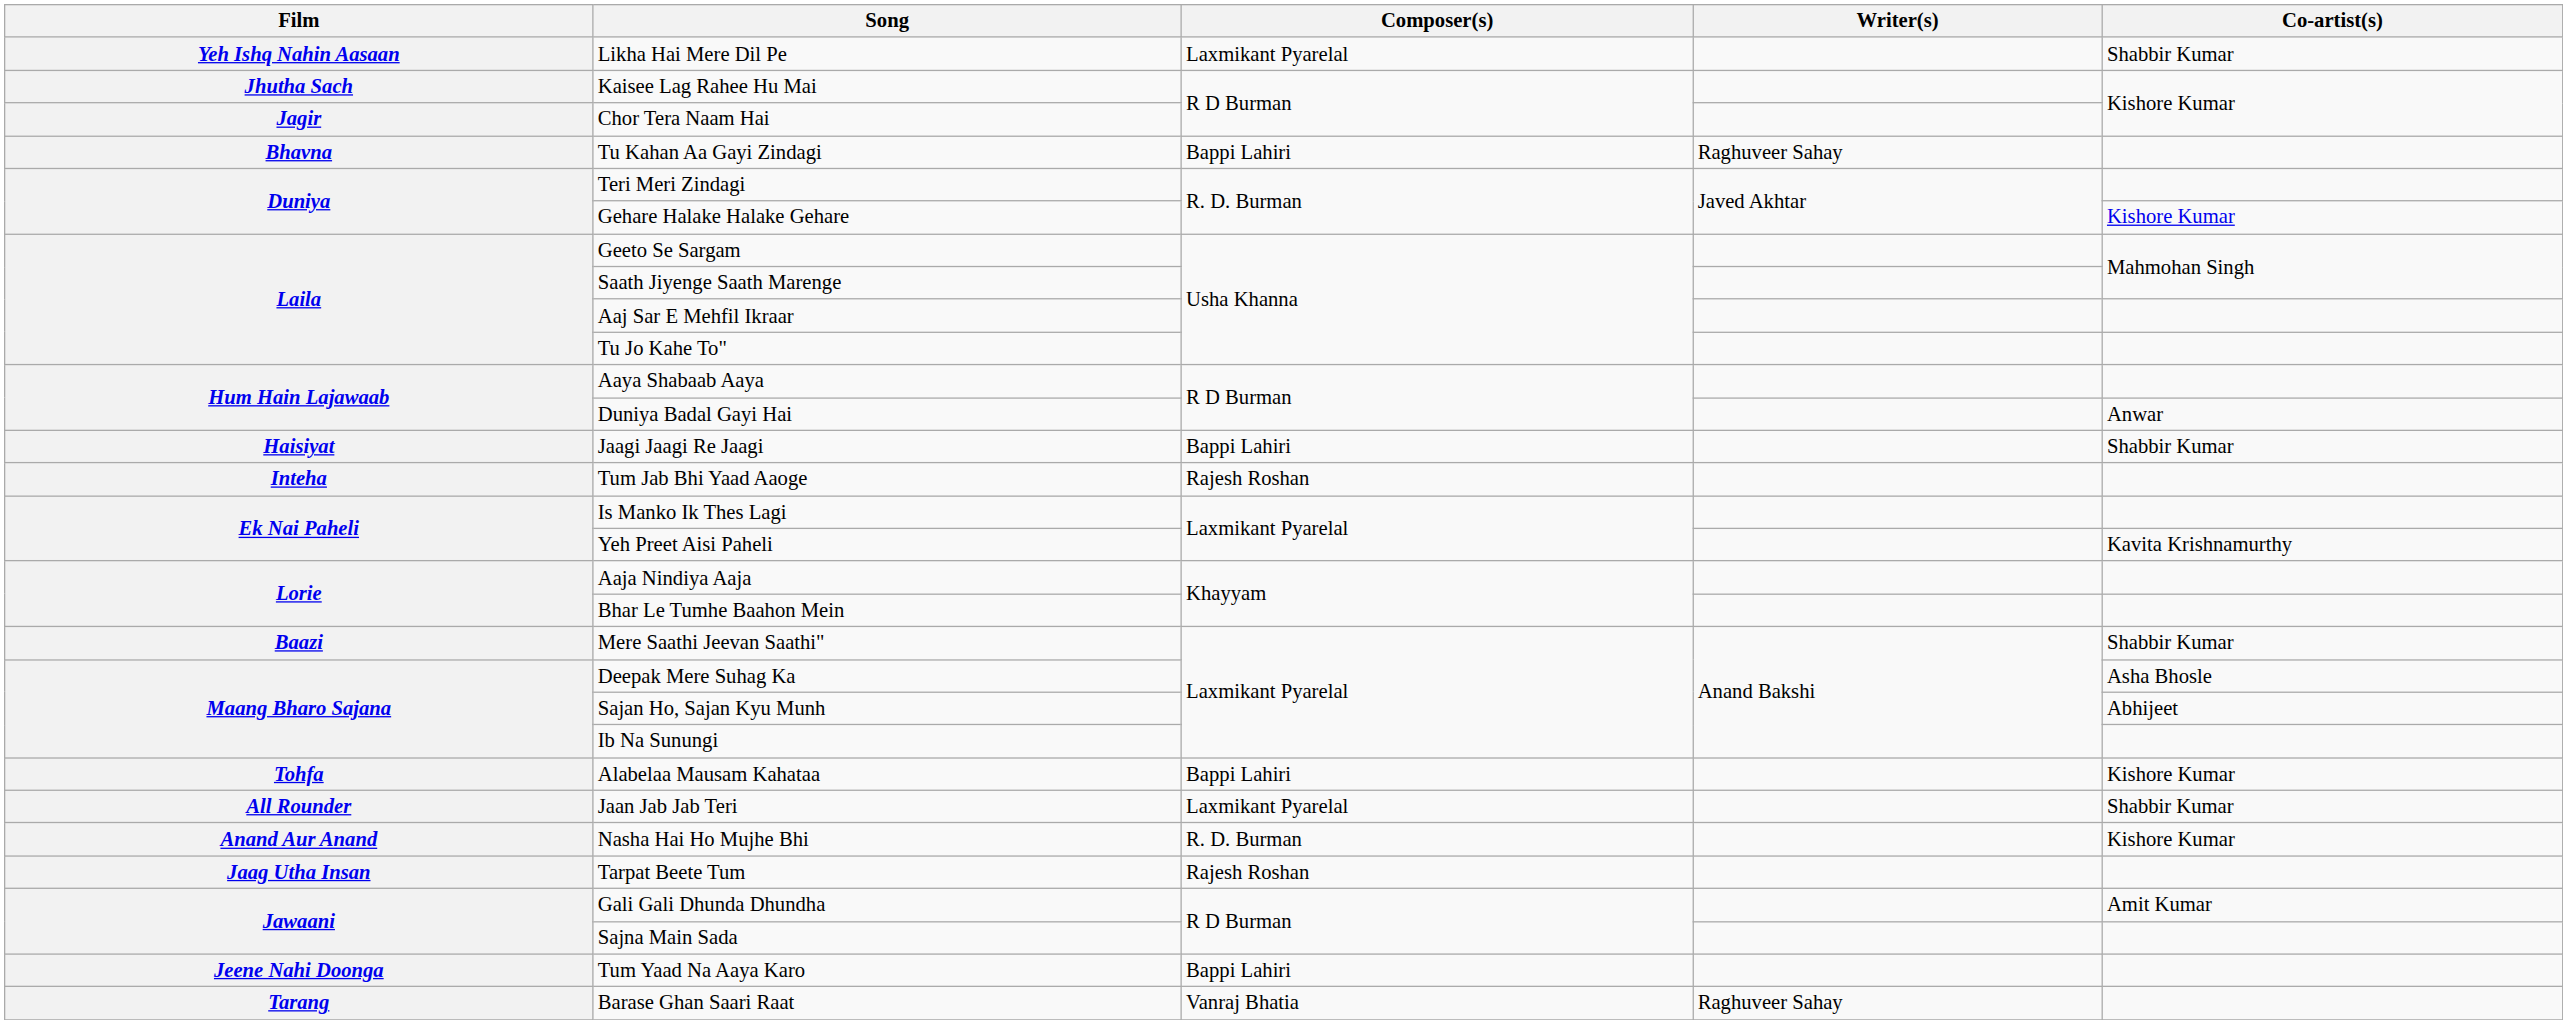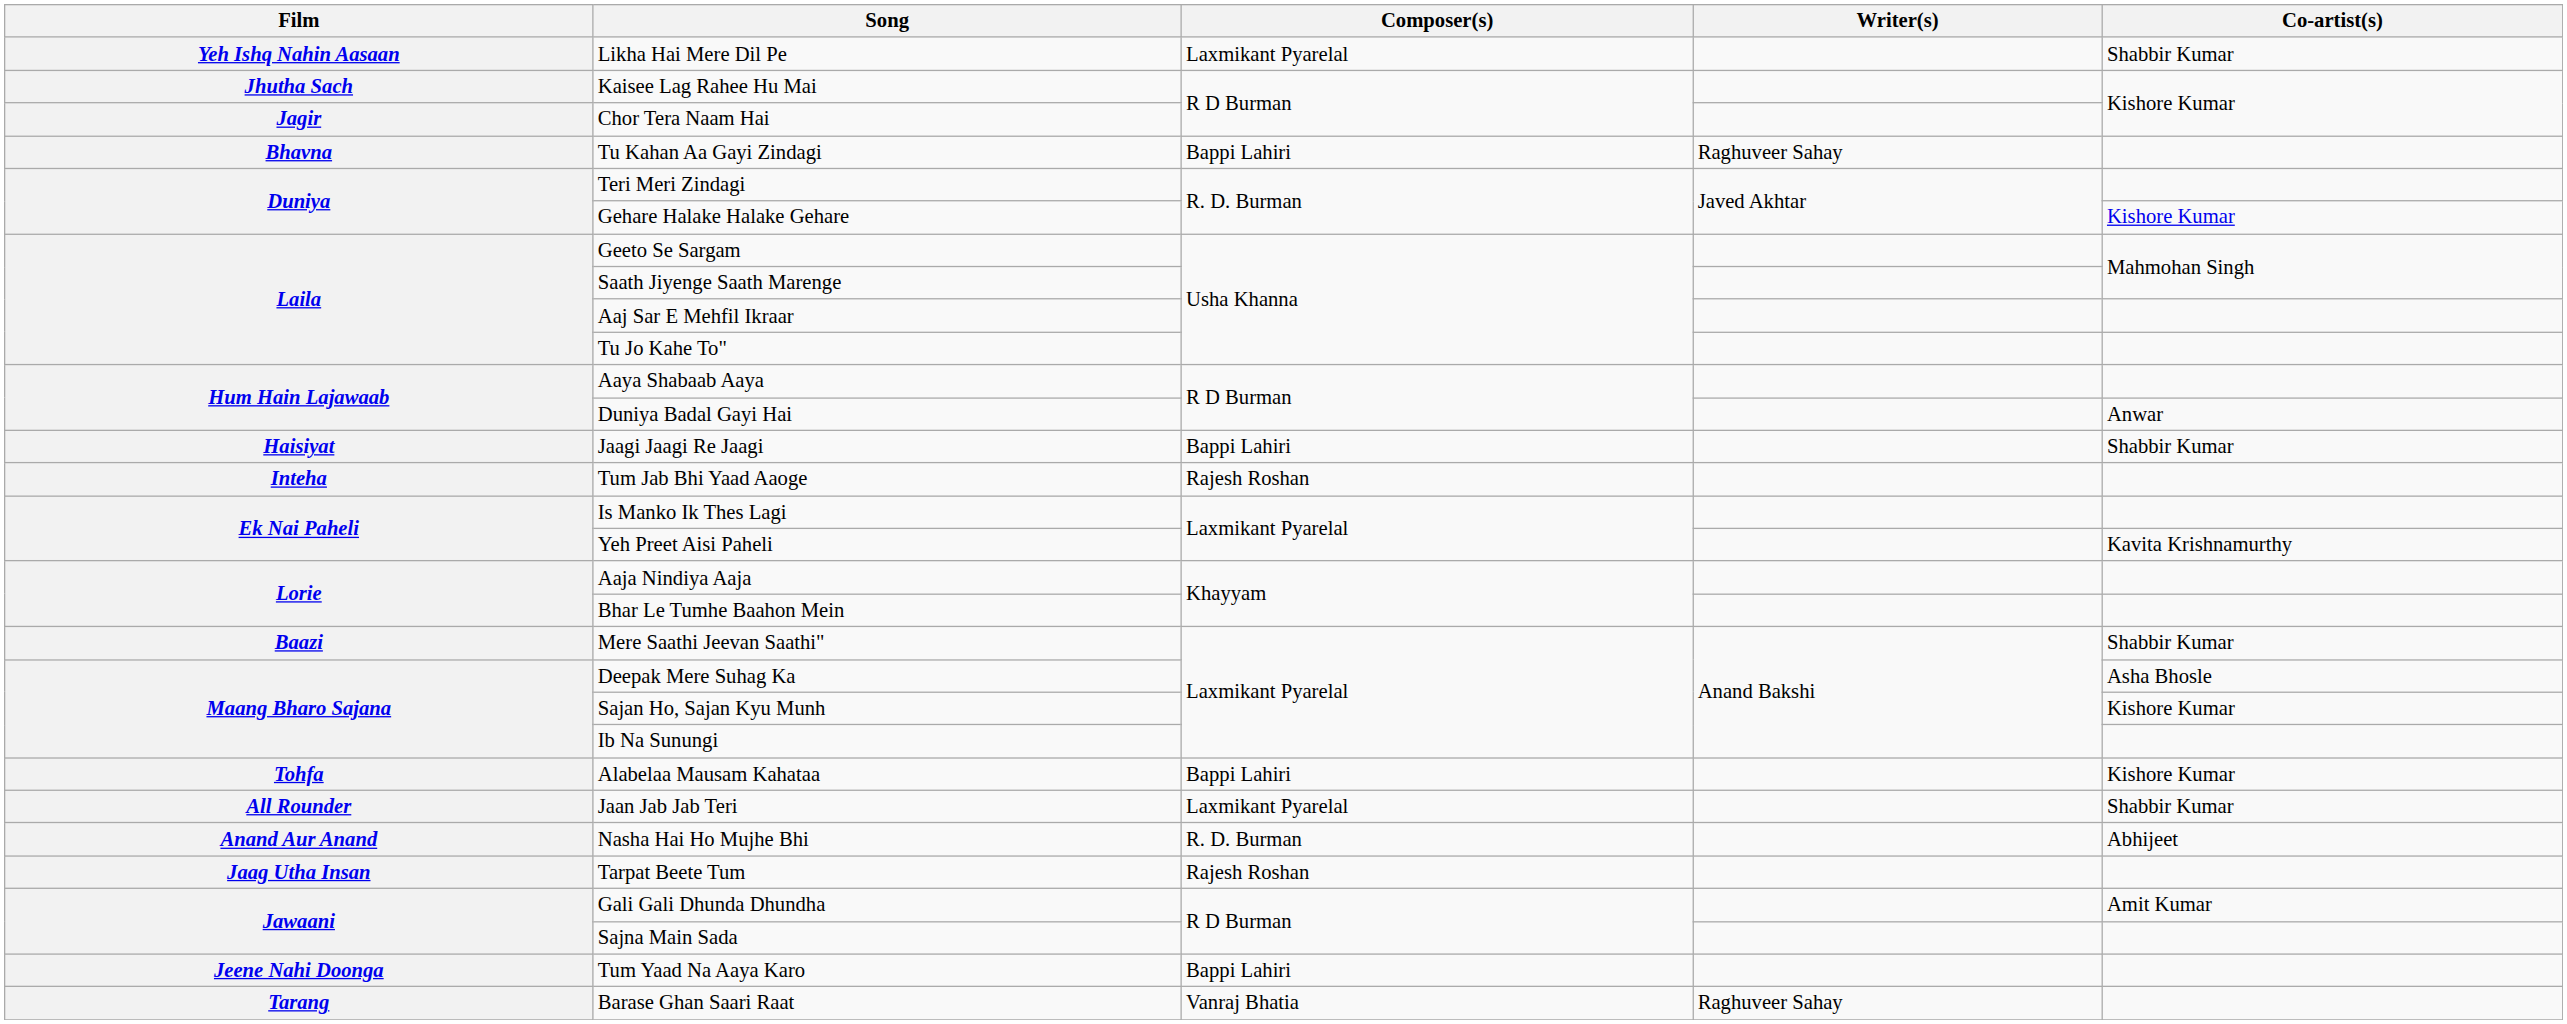 <table class="wikitable plainrowheaders" style="width:100%; textcolor:#000">
 <tr style="background:#b0e0e66;">
 <th scope="col" style="width:23%;"><strong>Film</strong></th>
 <th scope="col" style="width:23%;"><strong>Song</strong></th>
 <th scope="col" style="width:20%;"><strong>Composer(s)</strong></th>
 <th scope="col" style="width:16%;"><strong>Writer(s)</strong></th>
 <th scope="col" style="width:18%;"><strong>Co-artist(s)</strong></th>
 </tr>
 <tr>
 <th><em><a href='#'>Yeh Ishq Nahin Aasaan</a></em></th>
 <td>Likha Hai Mere Dil Pe</td>
 <td>Laxmikant Pyarelal</td>
 <td></td>
 <td>Shabbir Kumar</td>
 </tr>
 <tr>
 <th><em><a href='#'>Jhutha Sach</a></em></th>
 <td>Kaisee Lag Rahee Hu Mai</td>
 <td rowspan=2>R D Burman</td>
 <td></td>
 <td rowspan=2>Kishore Kumar</td>
 </tr>
 <tr>
 <th><em><a href='#'>Jagir</a></em></th>
 <td>Chor Tera Naam Hai</td>
 <td></td>
 </tr>
 <tr>
 <th><em><a href='#'>Bhavna</a></em></th>
 <td>Tu Kahan Aa Gayi Zindagi</td>
 <td>Bappi Lahiri</td>
 <td>Raghuveer Sahay</td>
 <td></td>
 </tr>
 <tr>
 <th Rowspan=2><em><a href='#'>Duniya</a></em></th>
 <td>Teri Meri Zindagi</td>
 <td rowspan=2>R. D. Burman</td>
 <td rowspan=2>Javed Akhtar</td>
 <td></td>
 </tr>
 <tr>
 <td>Gehare Halake Halake Gehare</td>
 <td><a href='#'>Kishore Kumar</a></td>
 </tr>
 <tr>
 <th rowspan=4><em><a href='#'>Laila</a></em></th>
 <td>Geeto Se Sargam</td>
 <td rowspan=4>Usha Khanna</td>
 <td></td>
 <td rowspan=2>Mahmohan Singh</td>
 </tr>
 <tr>
 <td>Saath Jiyenge Saath Marenge</td>
 <td></td>
 </tr>
 <tr>
 <td>Aaj Sar E Mehfil Ikraar</td>
 <td></td>
 <td></td>
 </tr>
 <tr>
 <td>Tu Jo Kahe To"</td>
 <td></td>
 <td></td>
 </tr>
 <tr>
 <th Rowspan=2><em><a href='#'>Hum Hain Lajawaab</a></em></th>
 <td>Aaya Shabaab Aaya</td>
 <td rowspan=2>R D Burman</td>
 <td></td>
 <td></td>
 </tr>
 <tr>
 <td>Duniya Badal Gayi Hai</td>
 <td></td>
 <td>Anwar</td>
 </tr>
 <tr>
 <th><em><a href='#'>Haisiyat</a></em></th>
 <td>Jaagi Jaagi Re Jaagi</td>
 <td>Bappi Lahiri</td>
 <td></td>
 <td>Shabbir Kumar</td>
 </tr>
 <tr>
 <th><em><a href='#'>Inteha</a></em></th>
 <td>Tum Jab Bhi Yaad Aaoge</td>
 <td>Rajesh Roshan</td>
 <td></td>
 <td></td>
 </tr>
 <tr>
 <th rowspan=2><em><a href='#'>Ek Nai Paheli</a></em></th>
 <td>Is Manko Ik Thes Lagi</td>
 <td rowspan=2>Laxmikant Pyarelal</td>
 <td></td>
 <td></td>
 </tr>
 <tr>
 <td>Yeh Preet Aisi Paheli</td>
 <td></td>
 <td>Kavita Krishnamurthy</td>
 </tr>
 <tr>
 <th Rowspan=2><em><a href='#'>Lorie</a></em></th>
 <td>Aaja Nindiya Aaja</td>
 <td rowspan=2>Khayyam</td>
 <td></td>
 <td></td>
 </tr>
 <tr>
 <td>Bhar Le Tumhe Baahon Mein</td>
 <td></td>
 <td></td>
 </tr>
 <tr>
 <th><em><a href='#'>Baazi</a></em></th>
 <td>Mere Saathi Jeevan Saathi"</td>
 <td rowspan=4>Laxmikant Pyarelal</td>
 <td rowspan=4>Anand Bakshi</td>
 <td>Shabbir Kumar</td>
 </tr>
 <tr>
 <th Rowspan=3><em><a href='#'>Maang Bharo Sajana</a></em></th>
 <td>Deepak Mere Suhag Ka</td>
 <td>Asha Bhosle</td>
 </tr>
 <tr>
 <td>Sajan Ho, Sajan Kyu Munh</td>
-<td>Abhijeet</td>
+<td>Kishore Kumar</td>
 </tr>
 <tr>
 <td>Ib Na Sunungi</td>
 <td></td>
 </tr>
 <tr>
 <th><em><a href='#'>Tohfa</a></em></th>
 <td>Alabelaa Mausam Kahataa</td>
 <td>Bappi Lahiri</td>
 <td></td>
 <td>Kishore Kumar</td>
 </tr>
 <tr>
 <th><em><a href='#'>All Rounder</a></em></th>
 <td>Jaan Jab Jab Teri</td>
 <td>Laxmikant Pyarelal</td>
 <td></td>
 <td>Shabbir Kumar</td>
 </tr>
 <tr>
 <th><em><a href='#'>Anand Aur Anand</a></em></th>
 <td>Nasha Hai Ho Mujhe Bhi</td>
 <td>R. D. Burman</td>
 <td></td>
-<td>Kishore Kumar</td>
+<td>Abhijeet</td>
 </tr>
 <tr>
 <th><em><a href='#'>Jaag Utha Insan</a></em></th>
 <td>Tarpat Beete Tum</td>
 <td>Rajesh Roshan</td>
 <td></td>
 <td></td>
 </tr>
 <tr>
 <th rowspan=2><em><a href='#'>Jawaani</a></em></th>
 <td>Gali Gali Dhunda Dhundha</td>
 <td rowspan=2>R D Burman</td>
 <td></td>
 <td>Amit Kumar</td>
 </tr>
 <tr>
 <td>Sajna Main Sada</td>
 <td></td>
 <td></td>
 </tr>
 <tr>
 <th><em><a href='#'>Jeene Nahi Doonga</a></em></th>
 <td>Tum Yaad Na Aaya Karo</td>
 <td>Bappi Lahiri</td>
 <td></td>
 <td></td>
 </tr>
 <tr>
 <th><em><a href='#'>Tarang</a></em></th>
 <td>Barase Ghan Saari Raat</td>
 <td>Vanraj Bhatia</td>
 <td>Raghuveer Sahay</td>
 <td></td>
 </tr>
 </table>
